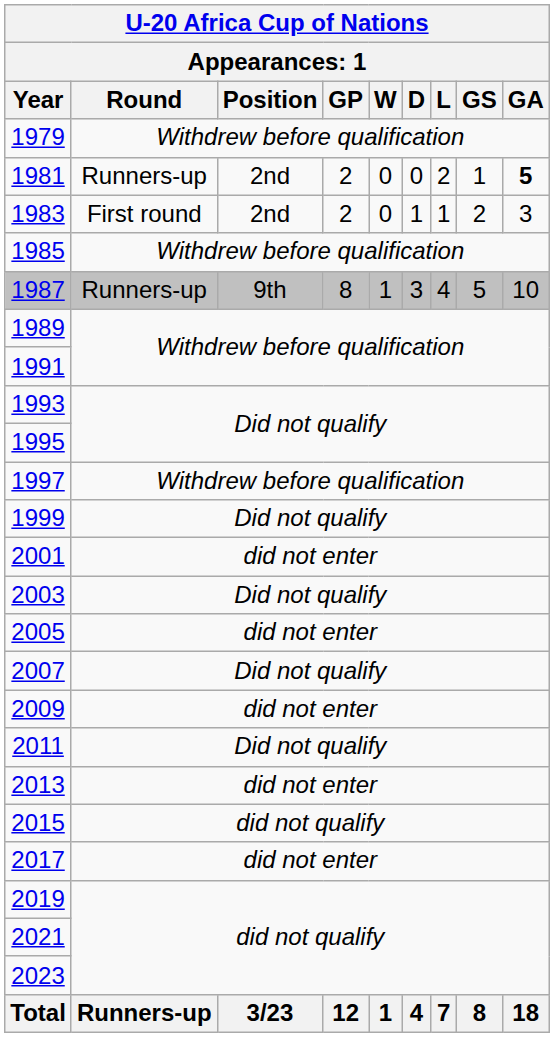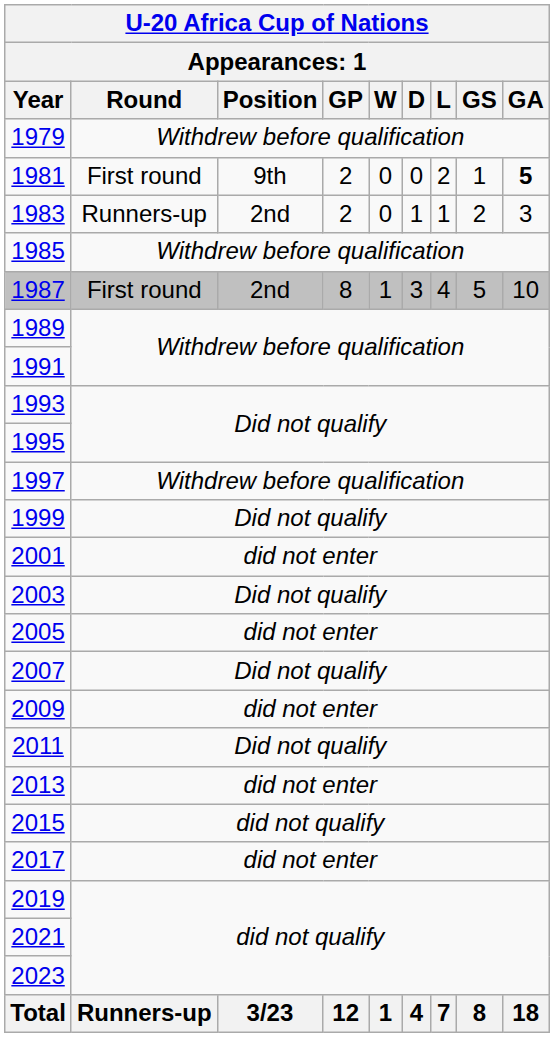 <table class="wikitable" style="text-align: center;">
 <tr>
 <th colspan=9><a href='#'>U-20 Africa Cup of Nations</a></th>
 </tr>
 <tr>
 <th colspan=9>Appearances: 1</th>
 </tr>
 <tr>
 <th>Year</th>
 <th>Round</th>
 <th>Position</th>
 <th>GP</th>
 <th>W</th>
 <th>D</th>
 <th>L</th>
 <th>GS</th>
 <th>GA</th>
 </tr>
 <tr>
 <td> <a href='#'>1979</a></td>
 <td colspan=8><em>Withdrew before qualification</em></td>
 </tr>
 <tr>
 <td> <a href='#'>1981</a></td>
-<td>Runners-up</td>
-<td>2nd</td>
+<td>First round</td>
+<td>9th</td>
 <td>2</td>
 <td>0</td>
 <td>0</td>
 <td>2</td>
 <td>1</td>
 <td><strong>5</strong></td>
 </tr>
 <tr>
 <td> <a href='#'>1983</a></td>
-<td>First round</td>
+<td>Runners-up</td>
 <td>2nd</td>
 <td>2</td>
 <td>0</td>
 <td>1</td>
 <td>1</td>
 <td>2</td>
 <td>3</td>
 </tr>
 <tr>
 <td> <a href='#'>1985</a></td>
 <td colspan=8><em>Withdrew before qualification</em></td>
 </tr>
 <tr bgcolor=silver>
 <td> <a href='#'>1987</a></td>
-<td>Runners-up</td>
-<td>9th</td>
+<td>First round</td>
+<td>2nd</td>
 <td>8</td>
 <td>1</td>
 <td>3</td>
 <td>4</td>
 <td>5</td>
 <td>10</td>
 </tr>
 <tr>
 <td> <a href='#'>1989</a></td>
 <td rowspan=2 colspan=8><em>Withdrew before qualification</em></td>
 </tr>
 <tr>
 <td> <a href='#'>1991</a></td>
 </tr>
 <tr>
 <td> <a href='#'>1993</a></td>
 <td rowspan=2 colspan=8><em>Did not qualify</em></td>
 </tr>
 <tr>
 <td> <a href='#'>1995</a></td>
 </tr>
 <tr>
 <td> <a href='#'>1997</a></td>
 <td colspan=8><em>Withdrew before qualification</em></td>
 </tr>
 <tr>
 <td> <a href='#'>1999</a></td>
 <td colspan=8><em>Did not qualify</em></td>
 </tr>
 <tr>
 <td> <a href='#'>2001</a></td>
 <td colspan=8><em>did not enter</em></td>
 </tr>
 <tr>
 <td> <a href='#'>2003</a></td>
 <td colspan=8><em>Did not qualify</em></td>
 </tr>
 <tr>
 <td> <a href='#'>2005</a></td>
 <td colspan=8><em>did not enter</em></td>
 </tr>
 <tr>
 <td> <a href='#'>2007</a></td>
 <td colspan=8><em>Did not qualify</em></td>
 </tr>
 <tr>
 <td> <a href='#'>2009</a></td>
 <td colspan=8><em>did not enter</em></td>
 </tr>
 <tr>
 <td> <a href='#'>2011</a></td>
 <td colspan=8><em>Did not qualify</em></td>
 </tr>
 <tr>
 <td> <a href='#'>2013</a></td>
 <td colspan=8><em>did not enter</em></td>
 </tr>
 <tr>
 <td> <a href='#'>2015</a></td>
 <td colspan=8><em>did not qualify</em></td>
 </tr>
 <tr>
 <td> <a href='#'>2017</a></td>
 <td colspan=8><em>did not enter</em></td>
 </tr>
 <tr>
 <td> <a href='#'>2019</a></td>
 <td rowspan=3 colspan=8><em>did not qualify</em></td>
 </tr>
 <tr>
 <td> <a href='#'>2021</a></td>
 </tr>
 <tr>
 <td> <a href='#'>2023</a></td>
 </tr>
 <tr>
 <th>Total</th>
 <th>Runners-up</th>
 <th>3/23</th>
 <th>12</th>
 <th>1</th>
 <th>4</th>
 <th>7</th>
 <th>8</th>
 <th>18</th>
 </tr>
 </table>
